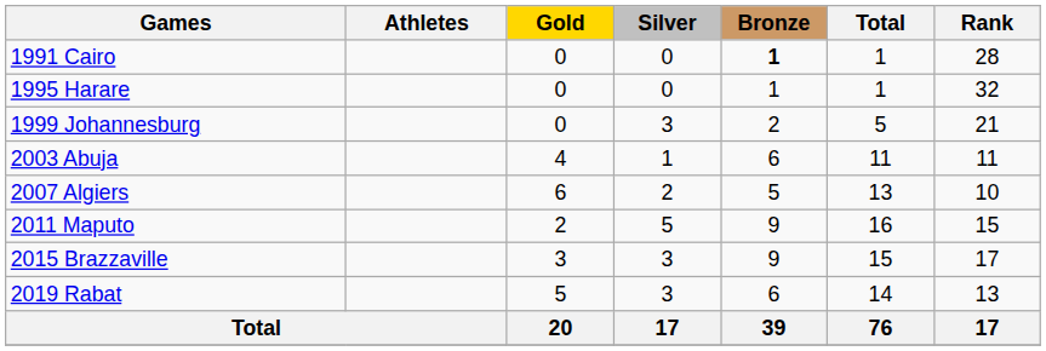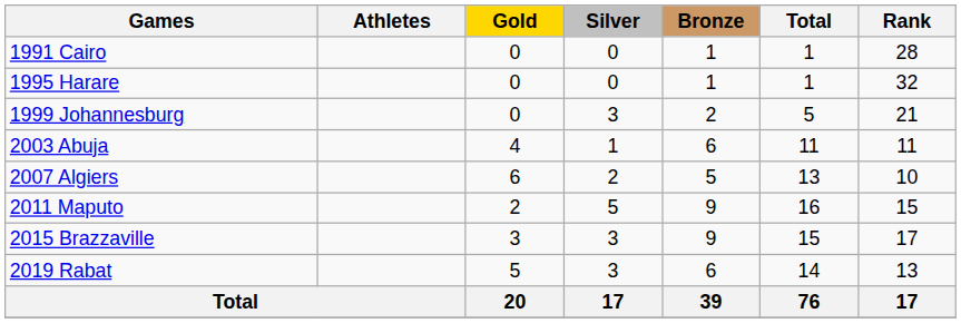 <table class="wikitable" width=55% style="font-size:90%; text-align:center;">
 <tr>
 <th>Games</th>
 <th>Athletes</th>
 <td style="background:gold; width:4.5em; font-weight:bold;">Gold</td>
 <td style="background:silver; width:4.5em; font-weight:bold;">Silver</td>
 <td style="background:#cc9966; width:4.5em; font-weight:bold;">Bronze</td>
 <th style="width:4.5em; font-weight:bold;">Total</th>
 <th style="width:4.5em; font-weight:bold;">Rank</th>
 </tr>
 <tr>
 <td align=left><a href='#'>1991 Cairo</a></td>
 <td></td>
 <td>0</td>
 <td>0</td>
-<td><strong>1</strong></td>
+<td>1</td>
 <td>1</td>
 <td>28</td>
 </tr>
 <tr>
 <td align=left><a href='#'>1995 Harare</a></td>
 <td></td>
 <td>0</td>
 <td>0</td>
 <td>1</td>
 <td>1</td>
 <td>32</td>
 </tr>
 <tr>
 <td align=left><a href='#'>1999 Johannesburg</a></td>
 <td></td>
 <td>0</td>
 <td>3</td>
 <td>2</td>
 <td>5</td>
 <td>21</td>
 </tr>
 <tr>
 <td align=left><a href='#'>2003 Abuja</a></td>
 <td></td>
 <td>4</td>
 <td>1</td>
 <td>6</td>
 <td>11</td>
 <td>11</td>
 </tr>
 <tr>
 <td align=left><a href='#'>2007 Algiers</a></td>
 <td></td>
 <td>6</td>
 <td>2</td>
 <td>5</td>
 <td>13</td>
 <td>10</td>
 </tr>
 <tr>
 <td align=left><a href='#'>2011 Maputo</a></td>
 <td></td>
 <td>2</td>
 <td>5</td>
 <td>9</td>
 <td>16</td>
 <td>15</td>
 </tr>
 <tr>
 <td align=left><a href='#'>2015 Brazzaville</a></td>
 <td></td>
 <td>3</td>
 <td>3</td>
 <td>9</td>
 <td>15</td>
 <td>17</td>
 </tr>
 <tr>
 <td align=left><a href='#'>2019 Rabat</a></td>
 <td></td>
 <td>5</td>
 <td>3</td>
 <td>6</td>
 <td>14</td>
 <td>13</td>
 </tr>
 <tr style="width:4em;">
 <th colspan=2>Total</th>
 <th>20</th>
 <th>17</th>
 <th>39</th>
 <th>76</th>
 <th>17</th>
 </tr>
 <tr class="sortbottom">
 </tr>
 </table>
